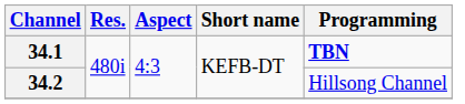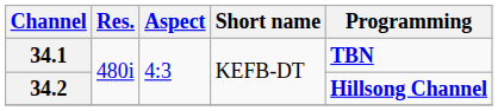 <table class="wikitable">
 <tr>
 <th><a href='#'>Channel</a></th>
 <th><a href='#'>Res.</a></th>
 <th><a href='#'>Aspect</a></th>
 <th>Short name</th>
 <th>Programming</th>
 </tr>
 <tr>
 <th scope = "row">34.1</th>
 <td rowspan=2><a href='#'>480i</a></td>
 <td rowspan=2><a href='#'>4:3</a></td>
 <td rowspan=2>KEFB-DT</td>
 <td><strong><a href='#'>TBN</a></strong></td>
 </tr>
 <tr>
 <th scope = "row">34.2</th>
-<td><a href='#'>Hillsong Channel</a></td>
+<td><strong><a href='#'>Hillsong Channel</a></strong></td>
 </tr>
 <tr>
 </tr>
 </table>
